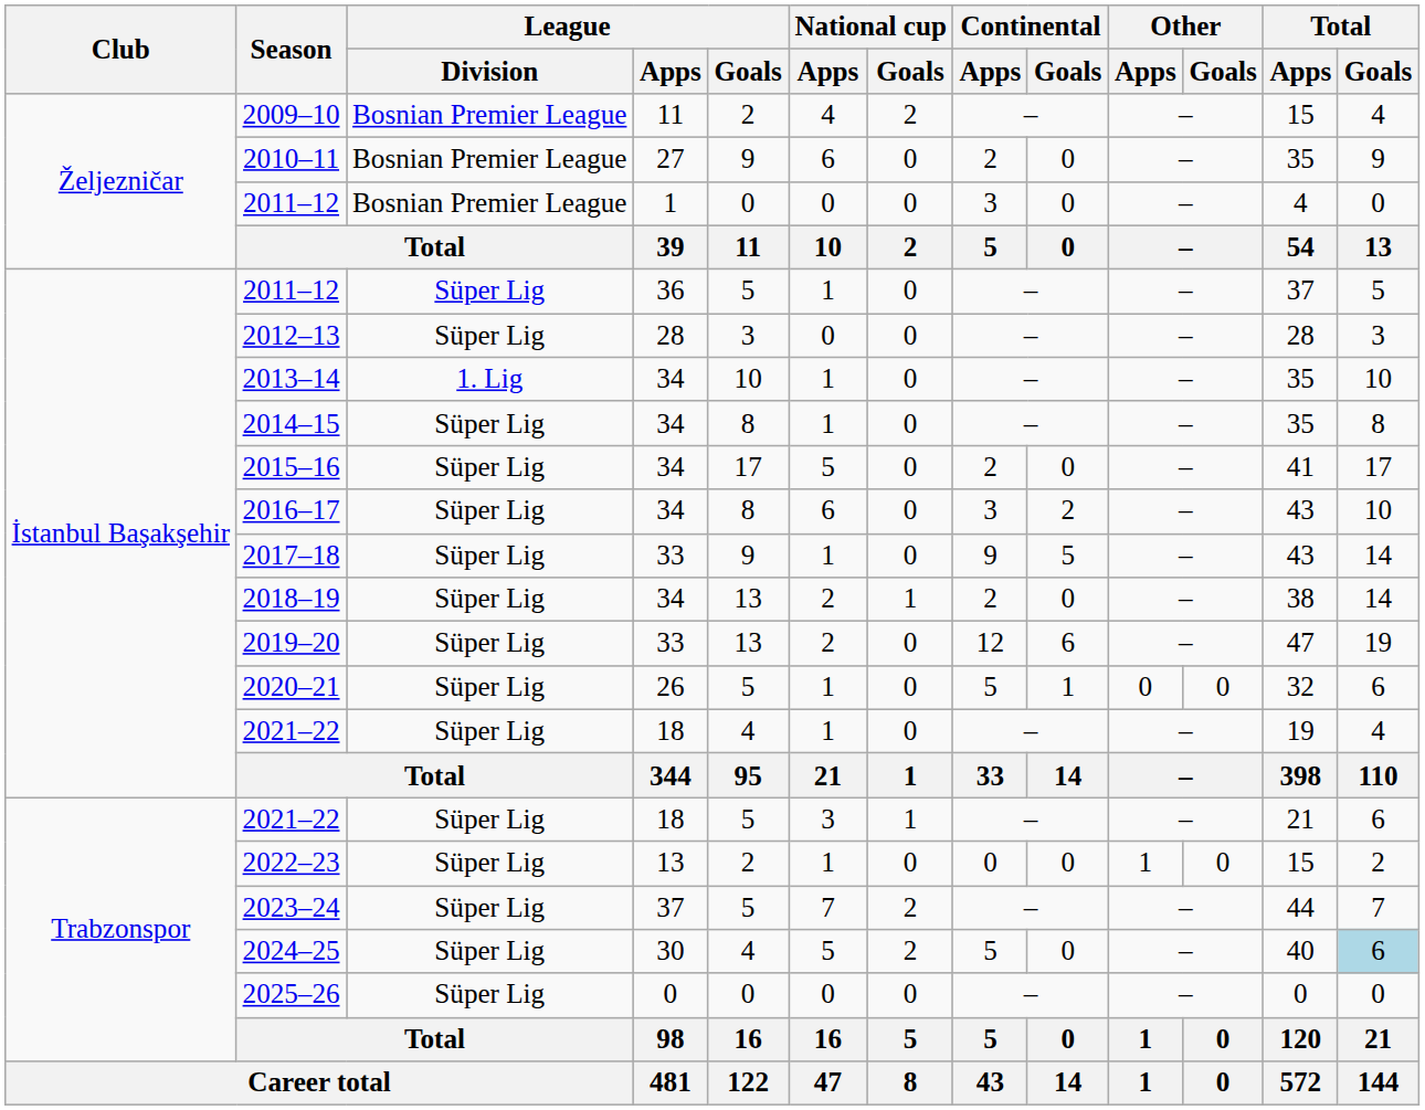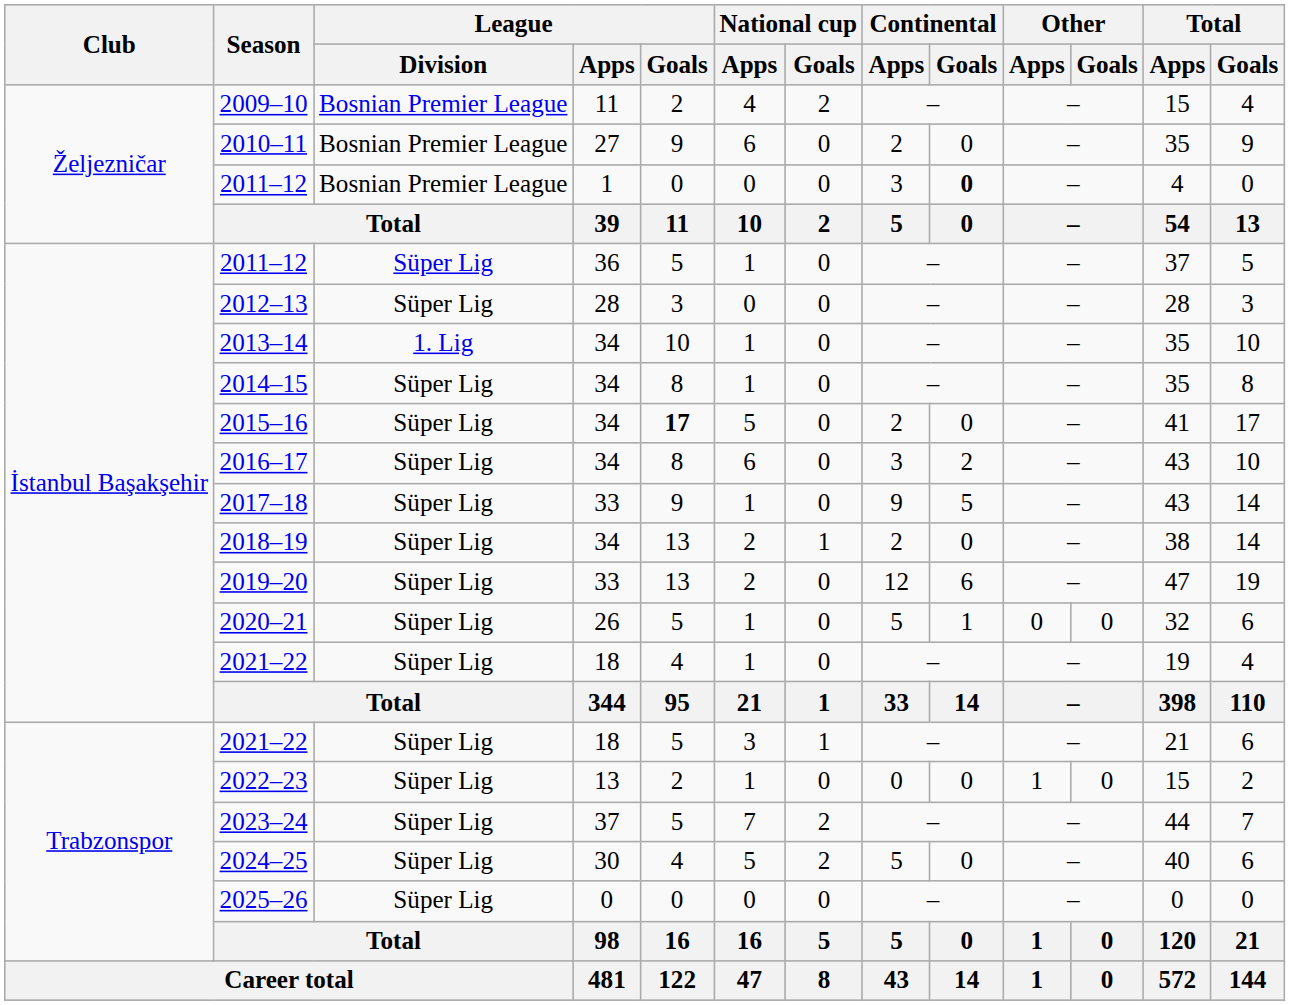 <table class="wikitable" style="text-align:center">
 <tr>
 <th rowspan=2>Club</th>
 <th rowspan=2>Season</th>
 <th colspan=3>League</th>
 <th colspan=2>National cup</th>
 <th colspan=2>Continental</th>
 <th colspan=2>Other</th>
 <th colspan=2>Total</th>
 </tr>
 <tr>
 <th>Division</th>
 <th>Apps</th>
 <th>Goals</th>
 <th>Apps</th>
 <th>Goals</th>
 <th>Apps</th>
 <th>Goals</th>
 <th>Apps</th>
 <th>Goals</th>
 <th>Apps</th>
 <th>Goals</th>
 </tr>
 <tr>
 <td rowspan=4><a href='#'>Željezničar</a></td>
 <td><a href='#'>2009–10</a></td>
 <td><a href='#'>Bosnian Premier League</a></td>
 <td>11</td>
 <td>2</td>
 <td>4</td>
 <td>2</td>
 <td colspan=2>–</td>
 <td colspan=2>–</td>
 <td>15</td>
 <td>4</td>
 </tr>
 <tr>
 <td><a href='#'>2010–11</a></td>
 <td>Bosnian Premier League</td>
 <td>27</td>
 <td>9</td>
 <td>6</td>
 <td>0</td>
 <td>2</td>
 <td>0</td>
 <td colspan=2>–</td>
 <td>35</td>
 <td>9</td>
 </tr>
 <tr>
 <td><a href='#'>2011–12</a></td>
 <td>Bosnian Premier League</td>
 <td>1</td>
 <td>0</td>
 <td>0</td>
 <td>0</td>
 <td>3</td>
-<td>0</td>
+<td><strong>0</strong></td>
 <td colspan=2>–</td>
 <td>4</td>
 <td>0</td>
 </tr>
 <tr>
 <th colspan=2>Total</th>
 <th>39</th>
 <th>11</th>
 <th>10</th>
 <th>2</th>
 <th>5</th>
 <th>0</th>
 <th colspan=2>–</th>
 <th>54</th>
 <th>13</th>
 </tr>
 <tr>
 <td rowspan=12><a href='#'>İstanbul Başakşehir</a></td>
 <td><a href='#'>2011–12</a></td>
 <td><a href='#'>Süper Lig</a></td>
 <td>36</td>
 <td>5</td>
 <td>1</td>
 <td>0</td>
 <td colspan=2>–</td>
 <td colspan=2>–</td>
 <td>37</td>
 <td>5</td>
 </tr>
 <tr>
 <td><a href='#'>2012–13</a></td>
 <td>Süper Lig</td>
 <td>28</td>
 <td>3</td>
 <td>0</td>
 <td>0</td>
 <td colspan=2>–</td>
 <td colspan=2>–</td>
 <td>28</td>
 <td>3</td>
 </tr>
 <tr>
 <td><a href='#'>2013–14</a></td>
 <td><a href='#'>1. Lig</a></td>
 <td>34</td>
 <td>10</td>
 <td>1</td>
 <td>0</td>
 <td colspan=2>–</td>
 <td colspan=2>–</td>
 <td>35</td>
 <td>10</td>
 </tr>
 <tr>
 <td><a href='#'>2014–15</a></td>
 <td>Süper Lig</td>
 <td>34</td>
 <td>8</td>
 <td>1</td>
 <td>0</td>
 <td colspan=2>–</td>
 <td colspan=2>–</td>
 <td>35</td>
 <td>8</td>
 </tr>
 <tr>
 <td><a href='#'>2015–16</a></td>
 <td>Süper Lig</td>
 <td>34</td>
-<td>17</td>
+<td><strong>17</strong></td>
 <td>5</td>
 <td>0</td>
 <td>2</td>
 <td>0</td>
 <td colspan=2>–</td>
 <td>41</td>
 <td>17</td>
 </tr>
 <tr>
 <td><a href='#'>2016–17</a></td>
 <td>Süper Lig</td>
 <td>34</td>
 <td>8</td>
 <td>6</td>
 <td>0</td>
 <td>3</td>
 <td>2</td>
 <td colspan=2>–</td>
 <td>43</td>
 <td>10</td>
 </tr>
 <tr>
 <td><a href='#'>2017–18</a></td>
 <td>Süper Lig</td>
 <td>33</td>
 <td>9</td>
 <td>1</td>
 <td>0</td>
 <td>9</td>
 <td>5</td>
 <td colspan=2>–</td>
 <td>43</td>
 <td>14</td>
 </tr>
 <tr>
 <td><a href='#'>2018–19</a></td>
 <td>Süper Lig</td>
 <td>34</td>
 <td>13</td>
 <td>2</td>
 <td>1</td>
 <td>2</td>
 <td>0</td>
 <td colspan=2>–</td>
 <td>38</td>
 <td>14</td>
 </tr>
 <tr>
 <td><a href='#'>2019–20</a></td>
 <td>Süper Lig</td>
 <td>33</td>
 <td>13</td>
 <td>2</td>
 <td>0</td>
 <td>12</td>
 <td>6</td>
 <td colspan=2>–</td>
 <td>47</td>
 <td>19</td>
 </tr>
 <tr>
 <td><a href='#'>2020–21</a></td>
 <td>Süper Lig</td>
 <td>26</td>
 <td>5</td>
 <td>1</td>
 <td>0</td>
 <td>5</td>
 <td>1</td>
 <td>0</td>
 <td>0</td>
 <td>32</td>
 <td>6</td>
 </tr>
 <tr>
 <td><a href='#'>2021–22</a></td>
 <td>Süper Lig</td>
 <td>18</td>
 <td>4</td>
 <td>1</td>
 <td>0</td>
 <td colspan=2>–</td>
 <td colspan=2>–</td>
 <td>19</td>
 <td>4</td>
 </tr>
 <tr>
 <th colspan=2>Total</th>
 <th>344</th>
 <th>95</th>
 <th>21</th>
 <th>1</th>
 <th>33</th>
 <th>14</th>
 <th colspan=2>–</th>
 <th>398</th>
 <th>110</th>
 </tr>
 <tr>
 <td rowspan=6><a href='#'>Trabzonspor</a></td>
 <td><a href='#'>2021–22</a></td>
 <td>Süper Lig</td>
 <td>18</td>
 <td>5</td>
 <td>3</td>
 <td>1</td>
 <td colspan=2>–</td>
 <td colspan=2>–</td>
 <td>21</td>
 <td>6</td>
 </tr>
 <tr>
 <td><a href='#'>2022–23</a></td>
 <td>Süper Lig</td>
 <td>13</td>
 <td>2</td>
 <td>1</td>
 <td>0</td>
 <td>0</td>
 <td>0</td>
 <td>1</td>
 <td>0</td>
 <td>15</td>
 <td>2</td>
 </tr>
 <tr>
 <td><a href='#'>2023–24</a></td>
 <td>Süper Lig</td>
 <td>37</td>
 <td>5</td>
 <td>7</td>
 <td>2</td>
 <td colspan=2>–</td>
 <td colspan=2>–</td>
 <td>44</td>
 <td>7</td>
 </tr>
 <tr>
 <td><a href='#'>2024–25</a></td>
 <td>Süper Lig</td>
 <td>30</td>
 <td>4</td>
 <td>5</td>
 <td>2</td>
 <td>5</td>
 <td>0</td>
 <td colspan=2>–</td>
 <td>40</td>
-<td style="background: lightblue;">6</td>
+<td>6</td>
 </tr>
 <tr>
 <td><a href='#'>2025–26</a></td>
 <td>Süper Lig</td>
 <td>0</td>
 <td>0</td>
 <td>0</td>
 <td>0</td>
 <td colspan=2>–</td>
 <td colspan=2>–</td>
 <td>0</td>
 <td>0</td>
 </tr>
 <tr>
 <th colspan=2>Total</th>
 <th>98</th>
 <th>16</th>
 <th>16</th>
 <th>5</th>
 <th>5</th>
 <th>0</th>
 <th>1</th>
 <th>0</th>
 <th>120</th>
 <th>21</th>
 </tr>
 <tr>
 <th colspan=3>Career total</th>
 <th>481</th>
 <th>122</th>
 <th>47</th>
 <th>8</th>
 <th>43</th>
 <th>14</th>
 <th>1</th>
 <th>0</th>
 <th>572</th>
 <th>144</th>
 </tr>
 </table>
